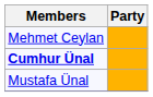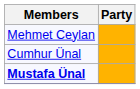 <table class=wikitable style="border:1px solid #8888aa; background-color:#f7f8ff; padding:0px; font-size:90%;">
 <tr>
 <th>Members</th>
 <th colspan="2">Party</th>
 </tr>
 <tr>
 <td><a href='#'>Mehmet Ceylan</a></td>
 <td style="background: #ffb300"></td>
 </tr>
 <tr>
-<td><strong><a href='#'>Cumhur Ünal</a></strong></td>
+<td><a href='#'>Cumhur Ünal</a></td>
 <td style="background: #ffb300"></td>
 </tr>
 <tr>
-<td><a href='#'>Mustafa Ünal</a></td>
+<td><strong><a href='#'>Mustafa Ünal</a></strong></td>
 <td style="background: #ffb300"></td>
 </tr>
 <tr>
 </tr>
 </table>
